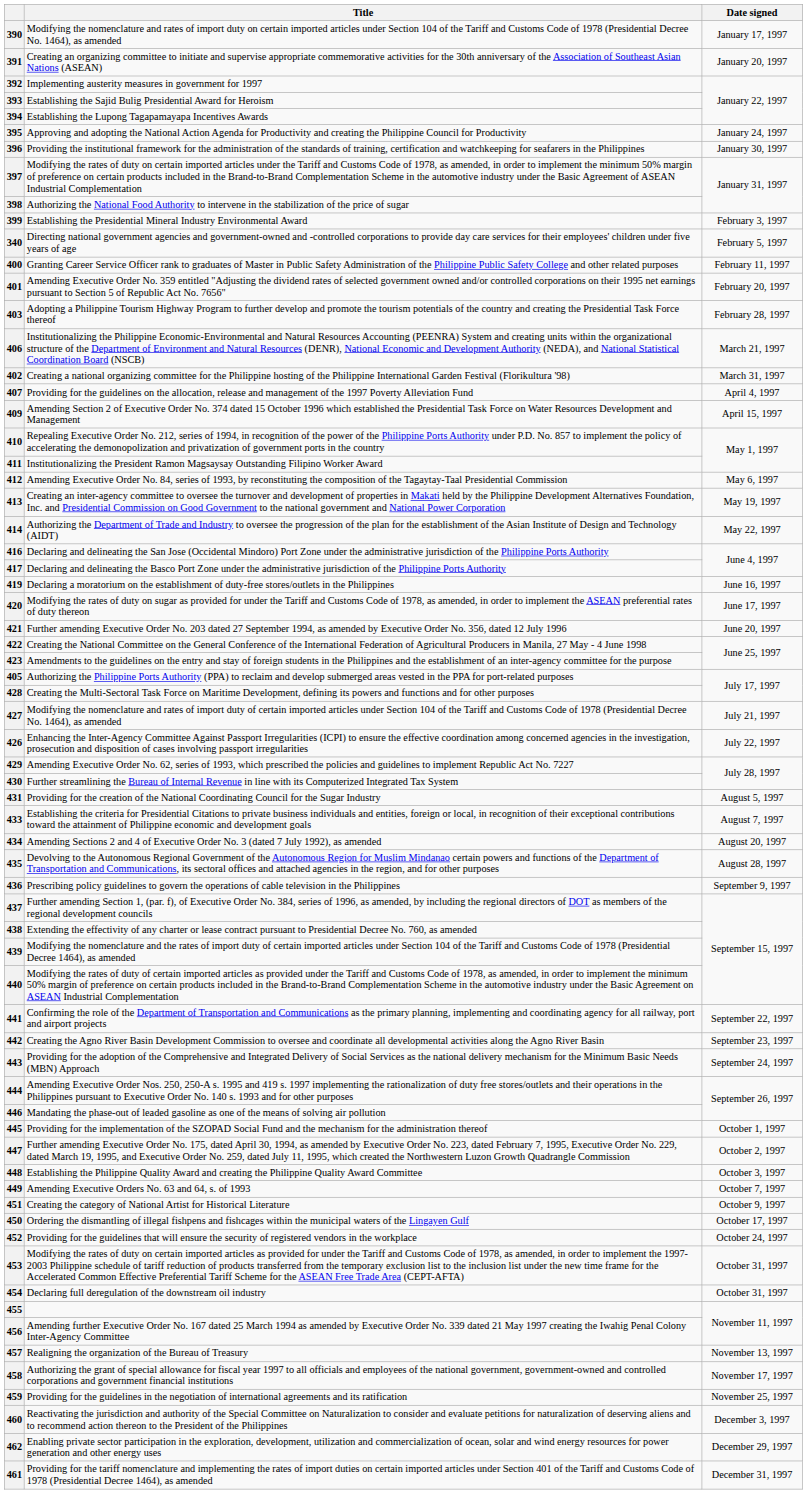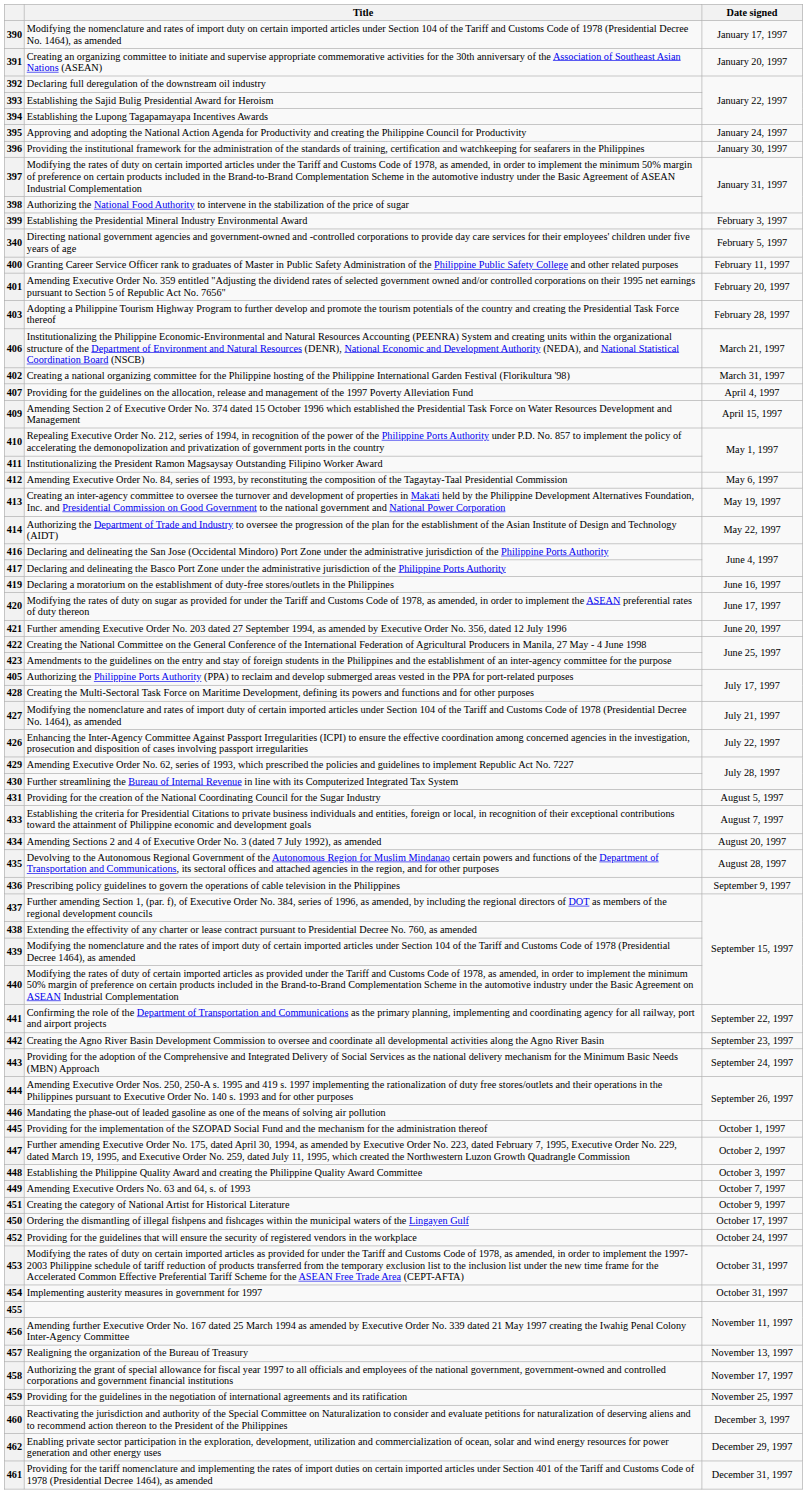 <table class="wikitable sortable" style="text-align:center;">
 <tr>
 <th scope="col"></th>
 <th scope="col">Title</th>
 <th scope="col" width="150px">Date signed</th>
 </tr>
 <tr>
 <th scope="row">390</th>
 <td style="text-align:left;">Modifying the nomenclature and rates of import duty on certain imported articles under Section 104 of the Tariff and Customs Code of 1978 (Presidential Decree No. 1464), as amended</td>
 <td>January 17, 1997</td>
 </tr>
 <tr>
 <th scope="row">391</th>
 <td style="text-align:left;">Creating an organizing committee to initiate and supervise appropriate commemorative activities for the 30th anniversary of the <a href='#'>Association of Southeast Asian Nations</a> (ASEAN)</td>
 <td>January 20, 1997</td>
 </tr>
 <tr>
 <th scope="row">392</th>
-<td style="text-align:left;">Implementing austerity measures in government for 1997</td>
+<td style="text-align:left;">Declaring full deregulation of the downstream oil industry</td>
 <td rowspan="3">January 22, 1997</td>
 </tr>
 <tr>
 <th scope="row">393</th>
 <td style="text-align:left;">Establishing the Sajid Bulig Presidential Award for Heroism</td>
 </tr>
 <tr>
 <th scope="row">394</th>
 <td style="text-align:left;">Establishing the Lupong Tagapamayapa Incentives Awards</td>
 </tr>
 <tr>
 <th scope="row">395</th>
 <td style="text-align:left;">Approving and adopting the National Action Agenda for Productivity and creating the Philippine Council for Productivity</td>
 <td>January 24, 1997</td>
 </tr>
 <tr>
 <th scope="row">396</th>
 <td style="text-align:left;">Providing the institutional framework for the administration of the standards of training, certification and watchkeeping for seafarers in the Philippines</td>
 <td>January 30, 1997</td>
 </tr>
 <tr>
 <th scope="row">397</th>
 <td style="text-align:left;">Modifying the rates of duty on certain imported articles under the Tariff and Customs Code of 1978, as amended, in order to implement the minimum 50% margin of preference on certain products included in the Brand-to-Brand Complementation Scheme in the automotive industry under the Basic Agreement of ASEAN Industrial Complementation</td>
 <td rowspan="2">January 31, 1997</td>
 </tr>
 <tr>
 <th scope="row">398</th>
 <td style="text-align:left;">Authorizing the <a href='#'>National Food Authority</a> to intervene in the stabilization of the price of sugar</td>
 </tr>
 <tr>
 <th scope="row">399</th>
 <td style="text-align:left;">Establishing the Presidential Mineral Industry Environmental Award</td>
 <td>February 3, 1997</td>
 </tr>
 <tr>
 <th scope="row">340</th>
 <td style="text-align:left;">Directing national government agencies and government-owned and -controlled corporations to provide day care services for their employees' children under five years of age</td>
 <td>February 5, 1997</td>
 </tr>
 <tr>
 <th scope="row">400</th>
 <td style="text-align:left;">Granting Career Service Officer rank to graduates of Master in Public Safety Administration of the <a href='#'>Philippine Public Safety College</a> and other related purposes</td>
 <td>February 11, 1997</td>
 </tr>
 <tr>
 <th scope="row">401</th>
 <td style="text-align:left;">Amending Executive Order No. 359 entitled "Adjusting the dividend rates of selected government owned and/or controlled corporations on their 1995 net earnings pursuant to Section 5 of Republic Act No. 7656"</td>
 <td>February 20, 1997</td>
 </tr>
 <tr>
 <th scope="row">403</th>
 <td style="text-align:left;">Adopting a Philippine Tourism Highway Program to further develop and promote the tourism potentials of the country and creating the Presidential Task Force thereof</td>
 <td>February 28, 1997</td>
 </tr>
 <tr>
 <th scope="row">406</th>
 <td style="text-align:left;">Institutionalizing the Philippine Economic-Environmental and Natural Resources Accounting (PEENRA) System and creating units within the organizational structure of the <a href='#'>Department of Environment and Natural Resources</a> (DENR), <a href='#'>National Economic and Development Authority</a> (NEDA), and <a href='#'>National Statistical Coordination Board</a> (NSCB)</td>
 <td>March 21, 1997</td>
 </tr>
 <tr>
 <th scope="row">402</th>
 <td style="text-align:left;">Creating a national organizing committee for the Philippine hosting of the Philippine International Garden Festival (Florikultura '98)</td>
 <td>March 31, 1997</td>
 </tr>
 <tr>
 <th scope="row">407</th>
 <td style="text-align:left;">Providing for the guidelines on the allocation, release and management of the 1997 Poverty Alleviation Fund</td>
 <td>April 4, 1997</td>
 </tr>
 <tr>
 <th scope="row">409</th>
 <td style="text-align:left;">Amending Section 2 of Executive Order No. 374 dated 15 October 1996 which established the Presidential Task Force on Water Resources Development and Management</td>
 <td>April 15, 1997</td>
 </tr>
 <tr>
 <th scope="row">410</th>
 <td style="text-align:left;">Repealing Executive Order No. 212, series of 1994, in recognition of the power of the <a href='#'>Philippine Ports Authority</a> under P.D. No. 857 to implement the policy of accelerating the demonopolization and privatization of government ports in the country</td>
 <td rowspan="2">May 1, 1997</td>
 </tr>
 <tr>
 <th scope="row">411</th>
 <td style="text-align:left;">Institutionalizing the President Ramon Magsaysay Outstanding Filipino Worker Award</td>
 </tr>
 <tr>
 <th scope="row">412</th>
 <td style="text-align:left;">Amending Executive Order No. 84, series of 1993, by reconstituting the composition of the Tagaytay-Taal Presidential Commission</td>
 <td>May 6, 1997</td>
 </tr>
 <tr>
 <th scope="row">413</th>
 <td style="text-align:left;">Creating an inter-agency committee to oversee the turnover and development of properties in <a href='#'>Makati</a> held by the Philippine Development Alternatives Foundation, Inc. and <a href='#'>Presidential Commission on Good Government</a> to the national government and <a href='#'>National Power Corporation</a></td>
 <td>May 19, 1997</td>
 </tr>
 <tr>
 <th scope="row">414</th>
 <td style="text-align:left;">Authorizing the <a href='#'>Department of Trade and Industry</a> to oversee the progression of the plan for the establishment of the Asian Institute of Design and Technology (AIDT)</td>
 <td>May 22, 1997</td>
 </tr>
 <tr>
 <th scope="row">416</th>
 <td style="text-align:left;">Declaring and delineating the San Jose (Occidental Mindoro) Port Zone under the administrative jurisdiction of the <a href='#'>Philippine Ports Authority</a></td>
 <td rowspan="2">June 4, 1997</td>
 </tr>
 <tr>
 <th scope="row">417</th>
 <td style="text-align:left;">Declaring and delineating the Basco Port Zone under the administrative jurisdiction of the <a href='#'>Philippine Ports Authority</a></td>
 </tr>
 <tr>
 <th scope="row">419</th>
 <td style="text-align:left;">Declaring a moratorium on the establishment of duty-free stores/outlets in the Philippines</td>
 <td>June 16, 1997</td>
 </tr>
 <tr>
 <th scope="row">420</th>
 <td style="text-align:left;">Modifying the rates of duty on sugar as provided for under the Tariff and Customs Code of 1978, as amended, in order to implement the <a href='#'>ASEAN</a> preferential rates of duty thereon</td>
 <td>June 17, 1997</td>
 </tr>
 <tr>
 <th scope="row">421</th>
 <td style="text-align:left;">Further amending Executive Order No. 203 dated 27 September 1994, as amended by Executive Order No. 356, dated 12 July 1996</td>
 <td>June 20, 1997</td>
 </tr>
 <tr>
 <th scope="row">422</th>
 <td style="text-align:left;">Creating the National Committee on the General Conference of the International Federation of Agricultural Producers in Manila, 27 May - 4 June 1998</td>
 <td rowspan="2">June 25, 1997</td>
 </tr>
 <tr>
 <th scope="row">423</th>
 <td style="text-align:left;">Amendments to the guidelines on the entry and stay of foreign students in the Philippines and the establishment of an inter-agency committee for the purpose</td>
 </tr>
 <tr>
 <th scope="row">405</th>
 <td style="text-align:left;">Authorizing the <a href='#'>Philippine Ports Authority</a> (PPA) to reclaim and develop submerged areas vested in the PPA for port-related purposes</td>
 <td rowspan="2">July 17, 1997</td>
 </tr>
 <tr>
 <th scope="row">428</th>
 <td style="text-align:left;">Creating the Multi-Sectoral Task Force on Maritime Development, defining its powers and functions and for other purposes</td>
 </tr>
 <tr>
 <th scope="row">427</th>
 <td style="text-align:left;">Modifying the nomenclature and rates of import duty of certain imported articles under Section 104 of the Tariff and Customs Code of 1978 (Presidential Decree No. 1464), as amended</td>
 <td>July 21, 1997</td>
 </tr>
 <tr>
 <th scope="row">426</th>
 <td style="text-align:left;">Enhancing the Inter-Agency Committee Against Passport Irregularities (ICPI) to ensure the effective coordination among concerned agencies in the investigation, prosecution and disposition of cases involving passport irregularities</td>
 <td>July 22, 1997</td>
 </tr>
 <tr>
 <th scope="row">429</th>
 <td style="text-align:left;">Amending Executive Order No. 62, series of 1993, which prescribed the policies and guidelines to implement Republic Act No. 7227</td>
 <td rowspan="2">July 28, 1997</td>
 </tr>
 <tr>
 <th scope="row">430</th>
 <td style="text-align:left;">Further streamlining the <a href='#'>Bureau of Internal Revenue</a> in line with its Computerized Integrated Tax System</td>
 </tr>
 <tr>
 <th scope="row">431</th>
 <td style="text-align:left;">Providing for the creation of the National Coordinating Council for the Sugar Industry</td>
 <td>August 5, 1997</td>
 </tr>
 <tr>
 <th scope="row">433</th>
 <td style="text-align:left;">Establishing the criteria for Presidential Citations to private business individuals and entities, foreign or local, in recognition of their exceptional contributions toward the attainment of Philippine economic and development goals</td>
 <td>August 7, 1997</td>
 </tr>
 <tr>
 <th scope="row">434</th>
 <td style="text-align:left;">Amending Sections 2 and 4 of Executive Order No. 3 (dated 7 July 1992), as amended</td>
 <td>August 20, 1997</td>
 </tr>
 <tr>
 <th scope="row">435</th>
 <td style="text-align:left;">Devolving to the Autonomous Regional Government of the <a href='#'>Autonomous Region for Muslim Mindanao</a> certain powers and functions of the <a href='#'>Department of Transportation and Communications</a>, its sectoral offices and attached agencies in the region, and for other purposes</td>
 <td>August 28, 1997</td>
 </tr>
 <tr>
 <th scope="row">436</th>
 <td style="text-align:left;">Prescribing policy guidelines to govern the operations of cable television in the Philippines</td>
 <td>September 9, 1997</td>
 </tr>
 <tr>
 <th scope="row">437</th>
 <td style="text-align:left;">Further amending Section 1, (par. f), of Executive Order No. 384, series of 1996, as amended, by including the regional directors of <a href='#'>DOT</a> as members of the regional development councils</td>
 <td rowspan="4">September 15, 1997</td>
 </tr>
 <tr>
 <th scope="row">438</th>
 <td style="text-align:left;">Extending the effectivity of any charter or lease contract pursuant to Presidential Decree No. 760, as amended</td>
 </tr>
 <tr>
 <th scope="row">439</th>
 <td style="text-align:left;">Modifying the nomenclature and the rates of import duty of certain imported articles under Section 104 of the Tariff and Customs Code of 1978 (Presidential Decree 1464), as amended</td>
 </tr>
 <tr>
 <th scope="row">440</th>
 <td style="text-align:left;">Modifying the rates of  duty of certain imported articles as provided under the Tariff and Customs Code of 1978, as amended, in order to implement the minimum 50% margin of preference on certain products included in the Brand-to-Brand Complementation Scheme in the automotive industry under the Basic Agreement on <a href='#'>ASEAN</a> Industrial Complementation</td>
 </tr>
 <tr>
 <th scope="row">441</th>
 <td style="text-align:left;">Confirming the role of the <a href='#'>Department of Transportation and Communications</a> as the primary planning, implementing and coordinating agency for all railway, port and airport projects</td>
 <td>September 22, 1997</td>
 </tr>
 <tr>
 <th scope="row">442</th>
 <td style="text-align:left;">Creating the Agno River Basin Development Commission to oversee and coordinate all developmental activities along the Agno River Basin</td>
 <td>September 23, 1997</td>
 </tr>
 <tr>
 <th scope="row">443</th>
 <td style="text-align:left;">Providing for the adoption of the Comprehensive and Integrated Delivery of Social Services as the national delivery mechanism for the Minimum Basic Needs (MBN) Approach</td>
 <td>September 24, 1997</td>
 </tr>
 <tr>
 <th scope="row">444</th>
 <td style="text-align:left;">Amending Executive Order Nos. 250, 250-A s. 1995 and 419 s. 1997 implementing the rationalization of duty free stores/outlets and their operations in the Philippines pursuant to Executive Order No. 140 s. 1993 and for other purposes</td>
 <td rowspan="2">September 26, 1997</td>
 </tr>
 <tr>
 <th scope="row">446</th>
 <td style="text-align:left;">Mandating the phase-out of leaded gasoline as one of the means of solving air pollution</td>
 </tr>
 <tr>
 <th scope="row">445</th>
 <td style="text-align:left;">Providing for the implementation of the SZOPAD Social Fund and the mechanism for the administration thereof</td>
 <td>October 1, 1997</td>
 </tr>
 <tr>
 <th scope="row">447</th>
 <td style="text-align:left;">Further amending Executive Order No. 175, dated April 30, 1994, as amended by Executive Order No. 223, dated February 7, 1995, Executive Order No. 229, dated March 19, 1995, and Executive Order No. 259, dated July 11, 1995, which created the Northwestern Luzon Growth Quadrangle Commission</td>
 <td>October 2, 1997</td>
 </tr>
 <tr>
 <th scope="row">448</th>
 <td style="text-align:left;">Establishing the Philippine Quality Award and creating the Philippine Quality Award Committee</td>
 <td>October 3, 1997</td>
 </tr>
 <tr>
 <th scope="row">449</th>
 <td style="text-align:left;">Amending Executive Orders No. 63 and 64, s. of 1993</td>
 <td>October 7, 1997</td>
 </tr>
 <tr>
 <th scope="row">451</th>
 <td style="text-align:left;">Creating the category of National Artist for Historical Literature</td>
 <td>October 9, 1997</td>
 </tr>
 <tr>
 <th scope="row">450</th>
 <td style="text-align:left;">Ordering the dismantling of illegal fishpens and fishcages within the municipal waters of the <a href='#'>Lingayen Gulf</a></td>
 <td>October 17, 1997</td>
 </tr>
 <tr>
 <th scope="row">452</th>
 <td style="text-align:left;">Providing for the guidelines that will ensure the security of registered vendors in the workplace</td>
 <td>October 24, 1997</td>
 </tr>
 <tr>
 <th scope="row">453</th>
 <td style="text-align:left;">Modifying the rates of duty on certain imported articles as provided for under the Tariff and Customs Code of 1978, as amended, in order to implement the 1997-2003 Philippine schedule of tariff reduction of products transferred from the temporary exclusion list to the inclusion list under the new time frame for the Accelerated Common Effective Preferential Tariff Scheme for the <a href='#'>ASEAN Free Trade Area</a> (CEPT-AFTA)</td>
 <td>October 31, 1997</td>
 </tr>
 <tr>
 <th scope="row">454</th>
-<td style="text-align:left;">Declaring full deregulation of the downstream oil industry</td>
+<td style="text-align:left;">Implementing austerity measures in government for 1997</td>
 <td>October 31, 1997</td>
 </tr>
 <tr>
 <th scope="row">455</th>
 <td style="text-align:left;"></td>
 <td rowspan="2">November 11, 1997</td>
 </tr>
 <tr>
 <th scope="row">456</th>
 <td style="text-align:left;">Amending further Executive Order No. 167 dated 25 March 1994 as amended by Executive Order No. 339 dated 21 May 1997 creating the Iwahig Penal Colony Inter-Agency Committee</td>
 </tr>
 <tr>
 <th scope="row">457</th>
 <td style="text-align:left;">Realigning the organization of the Bureau of Treasury</td>
 <td>November 13, 1997</td>
 </tr>
 <tr>
 <th scope="row">458</th>
 <td style="text-align:left;">Authorizing the grant of special allowance for fiscal year 1997 to all officials and employees of the national government, government-owned and controlled corporations and government financial institutions</td>
 <td>November 17, 1997</td>
 </tr>
 <tr>
 <th scope="row">459</th>
 <td style="text-align:left;">Providing for the guidelines in the negotiation of international agreements and its ratification</td>
 <td>November 25, 1997</td>
 </tr>
 <tr>
 <th scope="row">460</th>
 <td style="text-align:left;">Reactivating the jurisdiction and authority of the Special Committee on Naturalization to consider and evaluate petitions for naturalization of deserving aliens and to recommend action thereon to the President of the Philippines</td>
 <td>December 3, 1997</td>
 </tr>
 <tr>
 <th scope="row">462</th>
 <td style="text-align:left;">Enabling private sector participation in the exploration, development, utilization and commercialization of ocean, solar and wind energy resources for power generation and other energy uses</td>
 <td>December 29, 1997</td>
 </tr>
 <tr>
 <th scope="row">461</th>
 <td style="text-align:left;">Providing for the tariff nomenclature and implementing the rates of import duties on certain imported articles under Section 401 of the Tariff and Customs Code of 1978 (Presidential Decree 1464), as amended</td>
 <td>December 31, 1997</td>
 </tr>
 </table>
